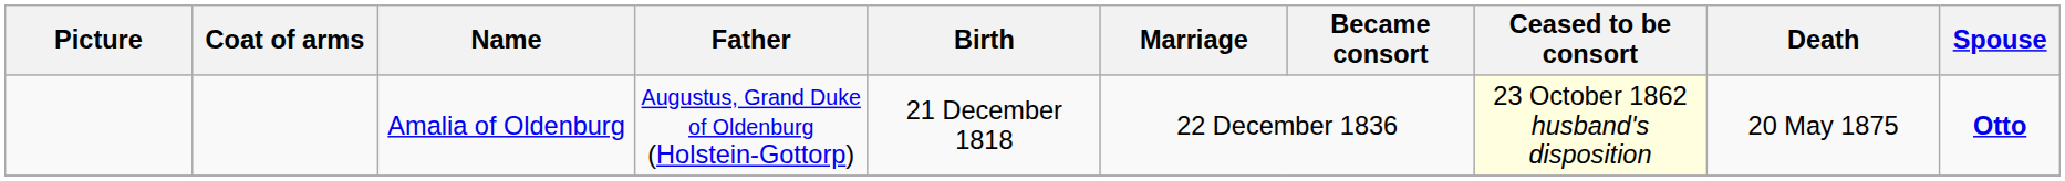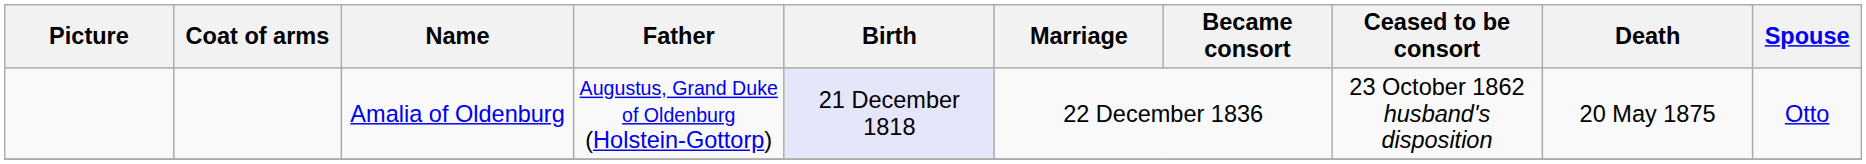 <table width=100% class="wikitable">
 <tr>
 <th width = 8%>Picture</th>
 <th width = 8%>Coat of arms</th>
 <th width = 11%>Name</th>
 <th width = 10%>Father</th>
 <th width = 10%>Birth</th>
 <th width = 8%>Marriage</th>
 <th width = 8%>Became consort</th>
 <th width = 10%>Ceased to be consort</th>
 <th width = 10%>Death</th>
 <th width = 5%><a href='#'>Spouse</a></th>
 </tr>
 <tr>
 <td align=center></td>
 <td align=center></td>
 <td align=center><a href='#'>Amalia of Oldenburg</a></td>
 <td align=center><small><a href='#'>Augustus, Grand Duke of Oldenburg</a></small> <br>(<a href='#'>Holstein-Gottorp</a>)</td>
-<td align=center>21 December 1818</td>
+<td align=center style="background: lavender;">21 December 1818</td>
 <td align=center colspan=2>22 December 1836</td>
-<td align=center style="background: lightyellow;">23 October 1862<br><em>husband's disposition</em></td>
+<td align=center>23 October 1862<br><em>husband's disposition</em></td>
 <td align=center>20 May 1875</td>
-<td align=center><strong><a href='#'>Otto</a></strong></td>
+<td align=center><a href='#'>Otto</a></td>
 </tr>
 <tr>
 </tr>
 </table>
